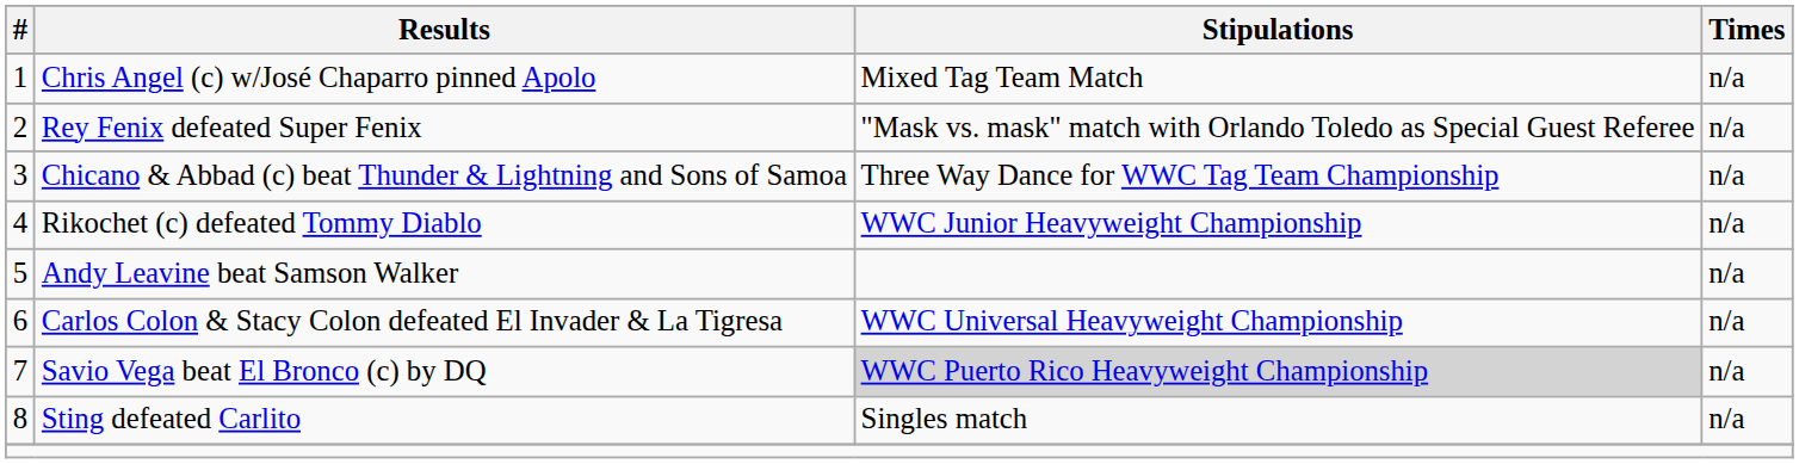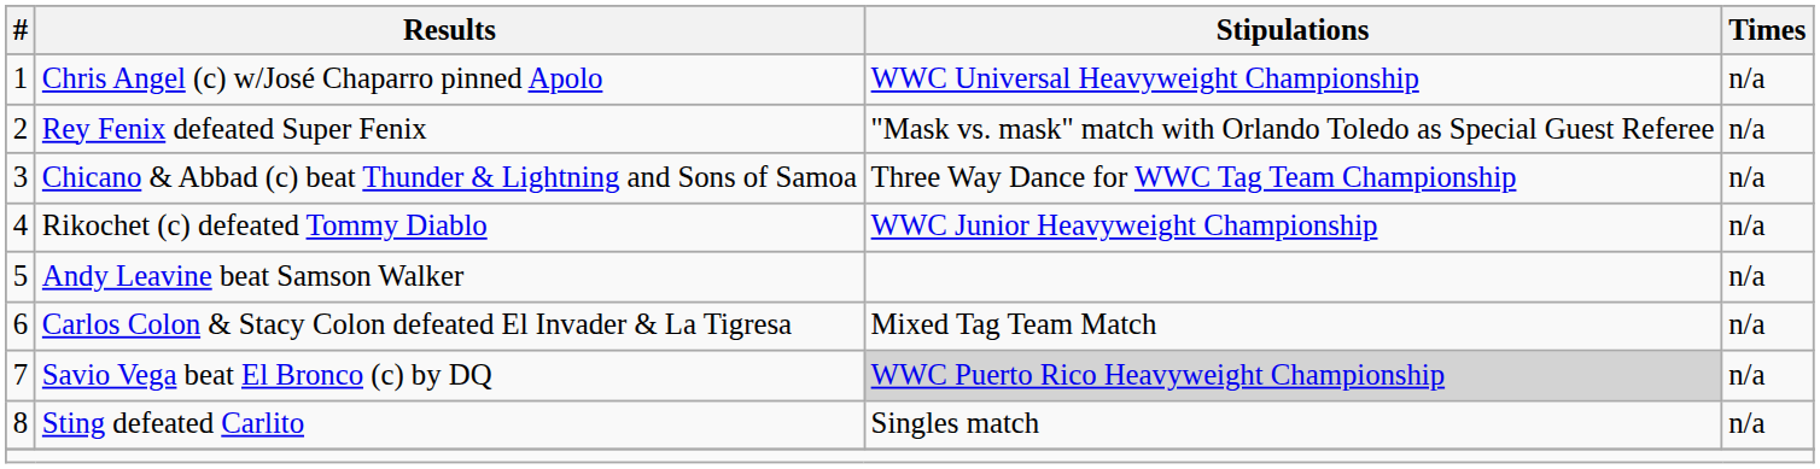 <table style="font-size: 85%" class="wikitable sortable">
 <tr>
 <th><strong>#</strong></th>
 <th><strong>Results</strong></th>
 <th><strong>Stipulations</strong></th>
 <th><strong>Times</strong></th>
 </tr>
 <tr>
 <td>1</td>
 <td><a href='#'>Chris Angel</a> (c) w/José Chaparro pinned <a href='#'>Apolo</a></td>
-<td>Mixed Tag Team Match</td>
+<td><a href='#'>WWC Universal Heavyweight Championship</a></td>
 <td>n/a</td>
 </tr>
 <tr>
 <td>2</td>
 <td><a href='#'>Rey Fenix</a> defeated Super Fenix</td>
 <td>"Mask vs. mask" match with Orlando Toledo as Special Guest Referee</td>
 <td>n/a</td>
 </tr>
 <tr>
 <td>3</td>
 <td><a href='#'>Chicano</a> & Abbad (c) beat <a href='#'>Thunder & Lightning</a> and Sons of Samoa</td>
 <td>Three Way Dance for <a href='#'>WWC Tag Team Championship</a></td>
 <td>n/a</td>
 </tr>
 <tr>
 <td>4</td>
 <td>Rikochet (c) defeated <a href='#'>Tommy Diablo</a></td>
 <td><a href='#'>WWC Junior Heavyweight Championship</a></td>
 <td>n/a</td>
 </tr>
 <tr>
 <td>5</td>
 <td><a href='#'>Andy Leavine</a> beat Samson Walker</td>
 <td></td>
 <td>n/a</td>
 </tr>
 <tr>
 <td>6</td>
 <td><a href='#'>Carlos Colon</a> & Stacy Colon defeated El Invader & La Tigresa</td>
-<td><a href='#'>WWC Universal Heavyweight Championship</a></td>
+<td>Mixed Tag Team Match</td>
 <td>n/a</td>
 </tr>
 <tr>
 <td>7</td>
 <td><a href='#'>Savio Vega</a> beat <a href='#'>El Bronco</a> (c) by DQ</td>
 <td style="background: lightgrey;"><a href='#'>WWC Puerto Rico Heavyweight Championship</a></td>
 <td>n/a</td>
 </tr>
 <tr>
 <td>8</td>
 <td><a href='#'>Sting</a> defeated <a href='#'>Carlito</a></td>
 <td>Singles match</td>
 <td>n/a</td>
 </tr>
 <tr>
 </tr>
 <tr>
 <td colspan=4></td>
 </tr>
 </table>
